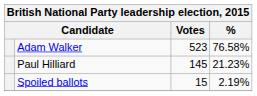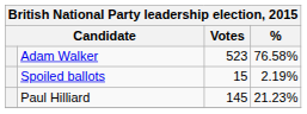 <table class="wikitable">
 <tr>
 <th colspan="4">British National Party leadership election, 2015</th>
 </tr>
 <tr>
 <th colspan="2" style="width: 170px">Candidate</th>
 <th style="width: 50px">Votes</th>
 <th style="width: 40px">%</th>
 </tr>
 <tr>
 <th style="background-color: "></th>
 <td><a href='#'>Adam Walker</a></td>
 <td align="right">523</td>
 <td align="right">76.58%</td>
 </tr>
 <tr>
 <th style="background-color: "></th>
+<td><a href='#'>Spoiled ballots</a></td>
+<td align="right">15</td>
+<td align="right">2.19%</td>
+</tr>
+<tr>
+<th style="background-color: "></th>
 <td>Paul Hilliard</td>
 <td align="right">145</td>
 <td align="right">21.23%</td>
 </tr>
 <tr>
-<th style="background-color: "></th>
-<td><a href='#'>Spoiled ballots</a></td>
-<td align="right">15</td>
-<td align="right">2.19%</td>
-</tr>
-<tr>
 </tr>
 </table>
